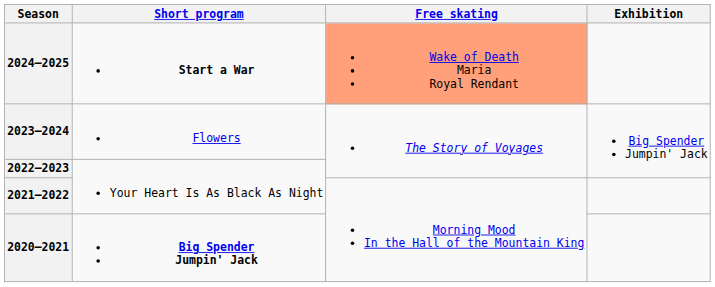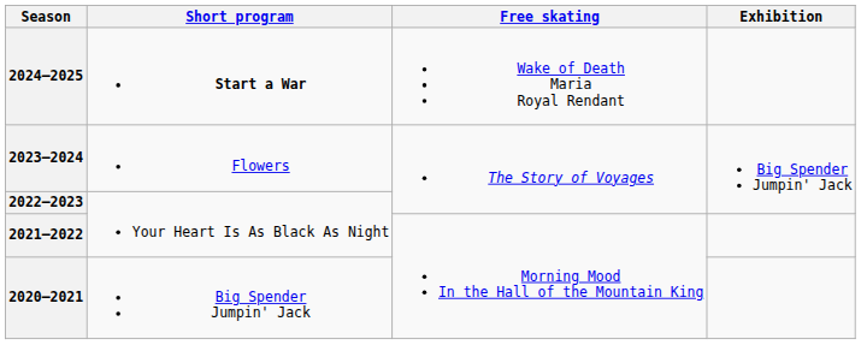 <table class="wikitable" style="text-align:center">
 <tr>
 <th>Season</th>
 <th><a href='#'>Short program</a></th>
 <th><a href='#'>Free skating</a></th>
 <th>Exhibition</th>
 </tr>
 <tr>
 <th>2024–2025 <br> </th>
 <td><strong><br><ul><li>Start a War <br></li></ul></strong></td>
-<td style="background: lightsalmon;"><br><ul><li><a href='#'>Wake of Death</a></li><li>Maria <br></li><li>Royal Rendant <br></li></ul></td>
+<td><br><ul><li><a href='#'>Wake of Death</a></li><li>Maria <br></li><li>Royal Rendant <br></li></ul></td>
 <td></td>
 </tr>
 <tr>
 <th>2023–2024 <br> </th>
 <td><br><ul><li><a href='#'>Flowers</a> <br> </li></ul></td>
 <td rowspan=2><br><ul><li><em><a href='#'>The Story of Voyages</a></em> <br> </li></ul></td>
 <td rowspan=2><br><ul><li><a href='#'>Big Spender</a> <br></li><li>Jumpin' Jack <br> </li></ul></td>
 </tr>
 <tr>
 <th>2022–2023 <br> </th>
 <td rowspan=2><br><ul><li>Your Heart Is As Black As Night <br> </li></ul></td>
 </tr>
 <tr>
 <th>2021–2022 <br> </th>
 <td rowspan=2><br><ul><li><a href='#'>Morning Mood</a></li><li><a href='#'>In the Hall of the Mountain King</a> <br> </li></ul></td>
 <td></td>
 </tr>
 <tr>
 <th>2020–2021 <br> </th>
-<td><strong><br><ul><li><a href='#'>Big Spender</a><br></li><li>Jumpin' Jack <br> </li></ul></strong></td>
+<td><br><ul><li><a href='#'>Big Spender</a><br></li><li>Jumpin' Jack <br> </li></ul></td>
 </tr>
 </table>
